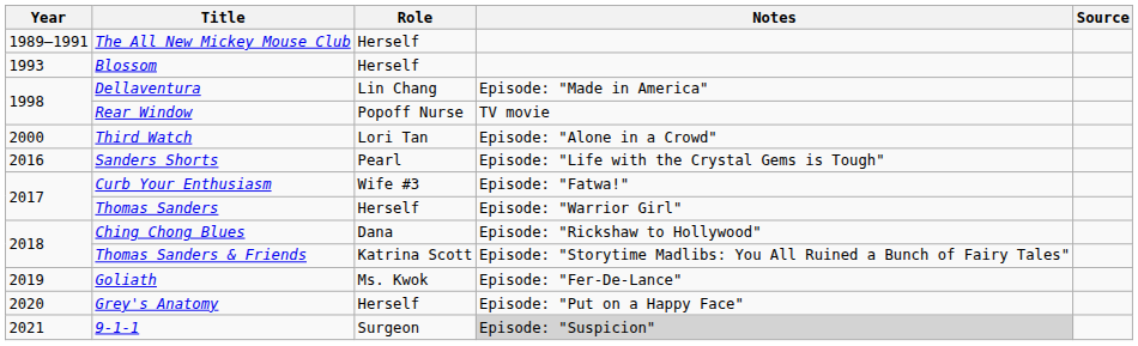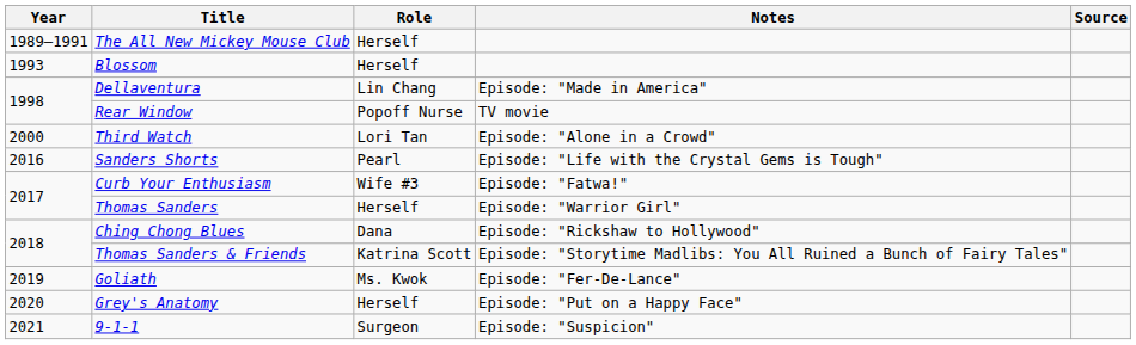 <table class="wikitable">
 <tr>
 <th>Year</th>
 <th>Title</th>
 <th>Role</th>
 <th>Notes</th>
 <th>Source</th>
 </tr>
 <tr>
 <td>1989–1991</td>
 <td><em><a href='#'>The All New Mickey Mouse Club</a></em></td>
 <td>Herself</td>
 <td></td>
 <td></td>
 </tr>
 <tr>
 <td>1993</td>
 <td><em><a href='#'>Blossom</a></em></td>
 <td>Herself</td>
 <td></td>
 <td></td>
 </tr>
 <tr>
 <td rowspan="2">1998</td>
 <td><em><a href='#'>Dellaventura</a></em></td>
 <td>Lin Chang</td>
 <td>Episode: "Made in America"</td>
 <td></td>
 </tr>
 <tr>
 <td><em><a href='#'>Rear Window</a></em></td>
 <td>Popoff Nurse</td>
 <td>TV movie</td>
 <td></td>
 </tr>
 <tr>
 <td>2000</td>
 <td><em><a href='#'>Third Watch</a></em></td>
 <td>Lori Tan</td>
 <td>Episode: "Alone in a Crowd"</td>
 <td></td>
 </tr>
 <tr>
 <td>2016</td>
 <td><em><a href='#'>Sanders Shorts</a></em></td>
 <td>Pearl</td>
 <td>Episode: "Life with the Crystal Gems is Tough"</td>
 <td></td>
 </tr>
 <tr>
 <td rowspan="2">2017</td>
 <td><em><a href='#'>Curb Your Enthusiasm</a></em></td>
 <td>Wife #3</td>
 <td>Episode: "Fatwa!"</td>
 <td></td>
 </tr>
 <tr ||>
 <td><em><a href='#'>Thomas Sanders</a></em></td>
 <td>Herself</td>
 <td>Episode: "Warrior Girl"</td>
 <td></td>
 </tr>
 <tr>
 <td rowspan="2">2018</td>
 <td><em><a href='#'>Ching Chong Blues</a></em></td>
 <td>Dana</td>
 <td>Episode: "Rickshaw to Hollywood"</td>
 <td></td>
 </tr>
 <tr>
 <td><em><a href='#'>Thomas Sanders & Friends</a></em></td>
 <td>Katrina Scott</td>
 <td>Episode: "Storytime Madlibs: You All Ruined a Bunch of Fairy Tales"</td>
 <td></td>
 </tr>
 <tr>
 <td>2019</td>
 <td><em><a href='#'>Goliath</a></em></td>
 <td>Ms. Kwok</td>
 <td>Episode: "Fer-De-Lance"</td>
 <td></td>
 </tr>
 <tr>
 <td>2020</td>
 <td><em><a href='#'>Grey's Anatomy</a></em></td>
 <td>Herself</td>
 <td>Episode: "Put on a Happy Face"</td>
 <td></td>
 </tr>
 <tr>
 <td>2021</td>
 <td><em><a href='#'>9-1-1</a></em></td>
 <td>Surgeon</td>
-<td style="background: lightgrey;">Episode: "Suspicion"</td>
+<td>Episode: "Suspicion"</td>
 <td></td>
 </tr>
 </table>
